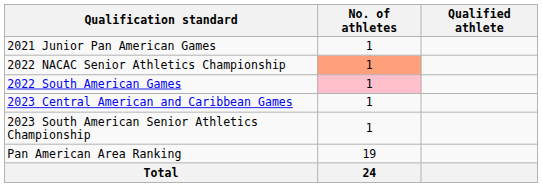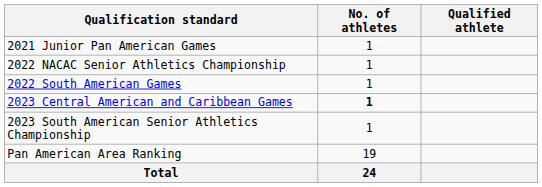 <table class="wikitable" style="text-align:left; width:600px;">
 <tr>
 <th>Qualification standard</th>
 <th>No. of athletes</th>
 <th>Qualified athlete</th>
 </tr>
 <tr>
 <td>2021 Junior Pan American Games</td>
 <td align=center>1</td>
 <td></td>
 </tr>
 <tr>
 <td>2022 NACAC Senior Athletics Championship</td>
-<td align=center style="background: lightsalmon;">1</td>
+<td align=center>1</td>
 <td></td>
 </tr>
 <tr>
 <td><a href='#'>2022 South American Games</a></td>
-<td align=center style="background: pink;">1</td>
+<td align=center>1</td>
 <td></td>
 </tr>
 <tr>
 <td><a href='#'>2023 Central American and Caribbean Games</a></td>
-<td align=center>1</td>
+<td align=center><strong>1</strong></td>
 <td></td>
 </tr>
 <tr>
 <td>2023 South American Senior Athletics Championship</td>
 <td align=center>1</td>
 <td></td>
 </tr>
 <tr>
 <td>Pan American Area Ranking</td>
 <td align=center>19</td>
 <td></td>
 </tr>
 <tr>
 <th>Total</th>
 <th>24</th>
 <th colspan=2></th>
 </tr>
 </table>
